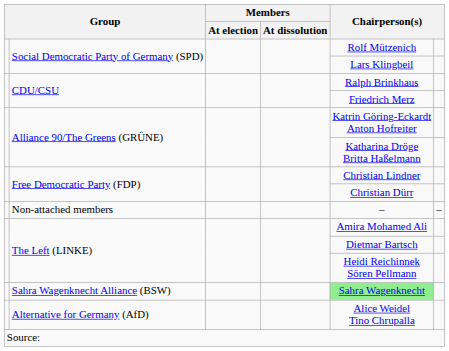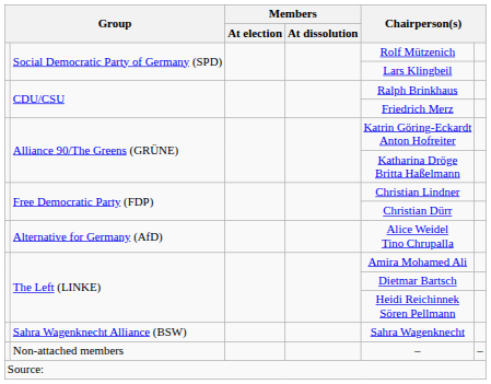 <table class=wikitable style="text-align:center">
 <tr>
 <th rowspan=2 colspan=2>Group</th>
 <th colspan=2>Members</th>
 <th rowspan=2 colspan=2>Chairperson(s)</th>
 </tr>
 <tr>
 <th>At election</th>
 <th>At dissolution</th>
 </tr>
 <tr>
 <td rowspan=2 style="background:"></td>
 <td rowspan=2 align=left><a href='#'>Social Democratic Party of Germany</a> (SPD)</td>
 <td rowspan=2></td>
 <td rowspan=2></td>
 <td><a href='#'>Rolf Mützenich</a></td>
 <td></td>
 </tr>
 <tr>
 <td><a href='#'>Lars Klingbeil</a></td>
 <td></td>
 </tr>
 <tr>
 <td rowspan=2 style="background:"></td>
 <td rowspan=2 align=left><a href='#'>CDU/CSU</a></td>
 <td rowspan=2></td>
 <td rowspan=2></td>
 <td><a href='#'>Ralph Brinkhaus</a></td>
 <td></td>
 </tr>
 <tr>
 <td><a href='#'>Friedrich Merz</a></td>
 <td></td>
 </tr>
 <tr>
 <td rowspan=2 style="background:"></td>
 <td rowspan=2 align=left><a href='#'>Alliance 90/The Greens</a> (GRÜNE)</td>
 <td rowspan=2></td>
 <td rowspan=2></td>
 <td><a href='#'>Katrin Göring-Eckardt</a><br><a href='#'>Anton Hofreiter</a></td>
 <td></td>
 </tr>
 <tr>
 <td><a href='#'>Katharina Dröge</a><br><a href='#'>Britta Haßelmann</a></td>
 <td></td>
 </tr>
 <tr>
 <td rowspan=2 style="background:"></td>
 <td rowspan=2 align=left><a href='#'>Free Democratic Party</a> (FDP)</td>
 <td rowspan=2></td>
 <td rowspan=2></td>
 <td><a href='#'>Christian Lindner</a></td>
 <td></td>
 </tr>
 <tr>
 <td><a href='#'>Christian Dürr</a></td>
 <td></td>
 </tr>
 <tr>
 <td style="background:"></td>
-<td align=left>Non-attached members</td>
+<td align=left><a href='#'>Alternative for Germany</a> (AfD)</td>
 <td></td>
 <td></td>
-<td>–</td>
-<td>–</td>
+<td><a href='#'>Alice Weidel</a><br><a href='#'>Tino Chrupalla</a></td>
+<td></td>
 </tr>
 <tr>
 <td rowspan=3 style="background:"></td>
 <td rowspan=3 align=left><a href='#'>The Left</a> (LINKE)</td>
 <td rowspan=3></td>
 <td rowspan=3></td>
 <td><a href='#'>Amira Mohamed Ali</a></td>
 <td></td>
 </tr>
 <tr>
 <td><a href='#'>Dietmar Bartsch</a></td>
 <td></td>
 </tr>
 <tr>
 <td><a href='#'>Heidi Reichinnek</a><br><a href='#'>Sören Pellmann</a></td>
 <td></td>
 </tr>
 <tr>
 <td style="background:"></td>
 <td align=left><a href='#'>Sahra Wagenknecht Alliance</a> (BSW)</td>
 <td></td>
 <td></td>
-<td style="background: lightgreen;"><a href='#'>Sahra Wagenknecht</a></td>
+<td><a href='#'>Sahra Wagenknecht</a></td>
 <td></td>
 </tr>
 <tr>
 <td style="background:"></td>
-<td align=left><a href='#'>Alternative for Germany</a> (AfD)</td>
+<td align=left>Non-attached members</td>
 <td></td>
 <td></td>
-<td><a href='#'>Alice Weidel</a><br><a href='#'>Tino Chrupalla</a></td>
-<td></td>
+<td>–</td>
+<td>–</td>
 </tr>
 <tr>
 <td align=left colspan=6>Source: </td>
 </tr>
 </table>
